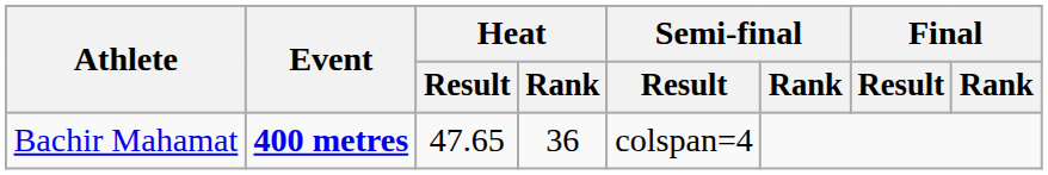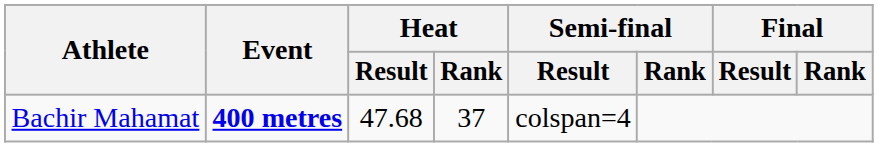 <table class="wikitable" style="font-size:90%">
 <tr>
 <th rowspan="2">Athlete</th>
 <th rowspan="2">Event</th>
 <th colspan="2">Heat</th>
 <th colspan="2">Semi-final</th>
 <th colspan="2">Final</th>
 </tr>
 <tr style="font-size:95%">
 <th>Result</th>
 <th>Rank</th>
 <th>Result</th>
 <th>Rank</th>
 <th>Result</th>
 <th>Rank</th>
 </tr>
 <tr style=text-align:center>
 <td style=text-align:left><a href='#'>Bachir Mahamat</a></td>
 <td style=text-align:left><strong><a href='#'>400 metres</a></strong></td>
-<td>47.65</td>
-<td>36</td>
+<td>47.68</td>
+<td>37</td>
 <td>colspan=4 </td>
 </tr>
 </table>
